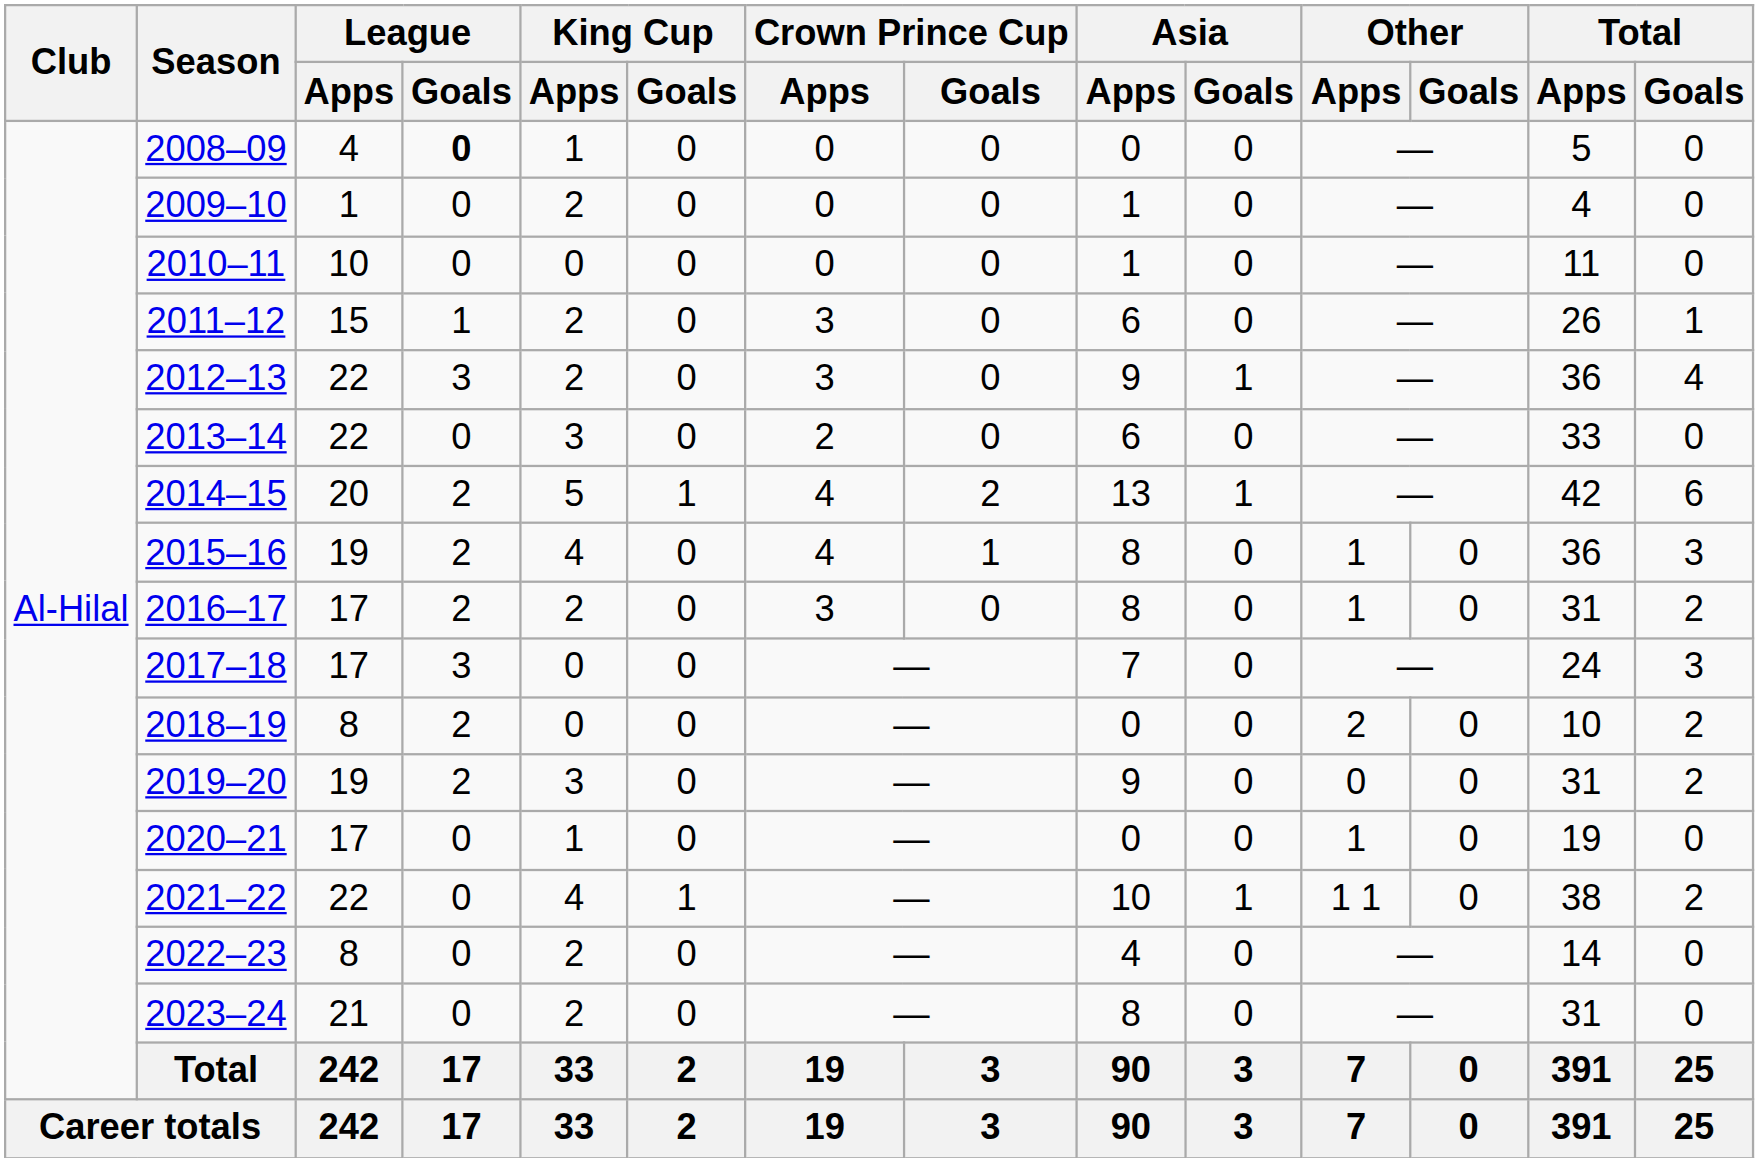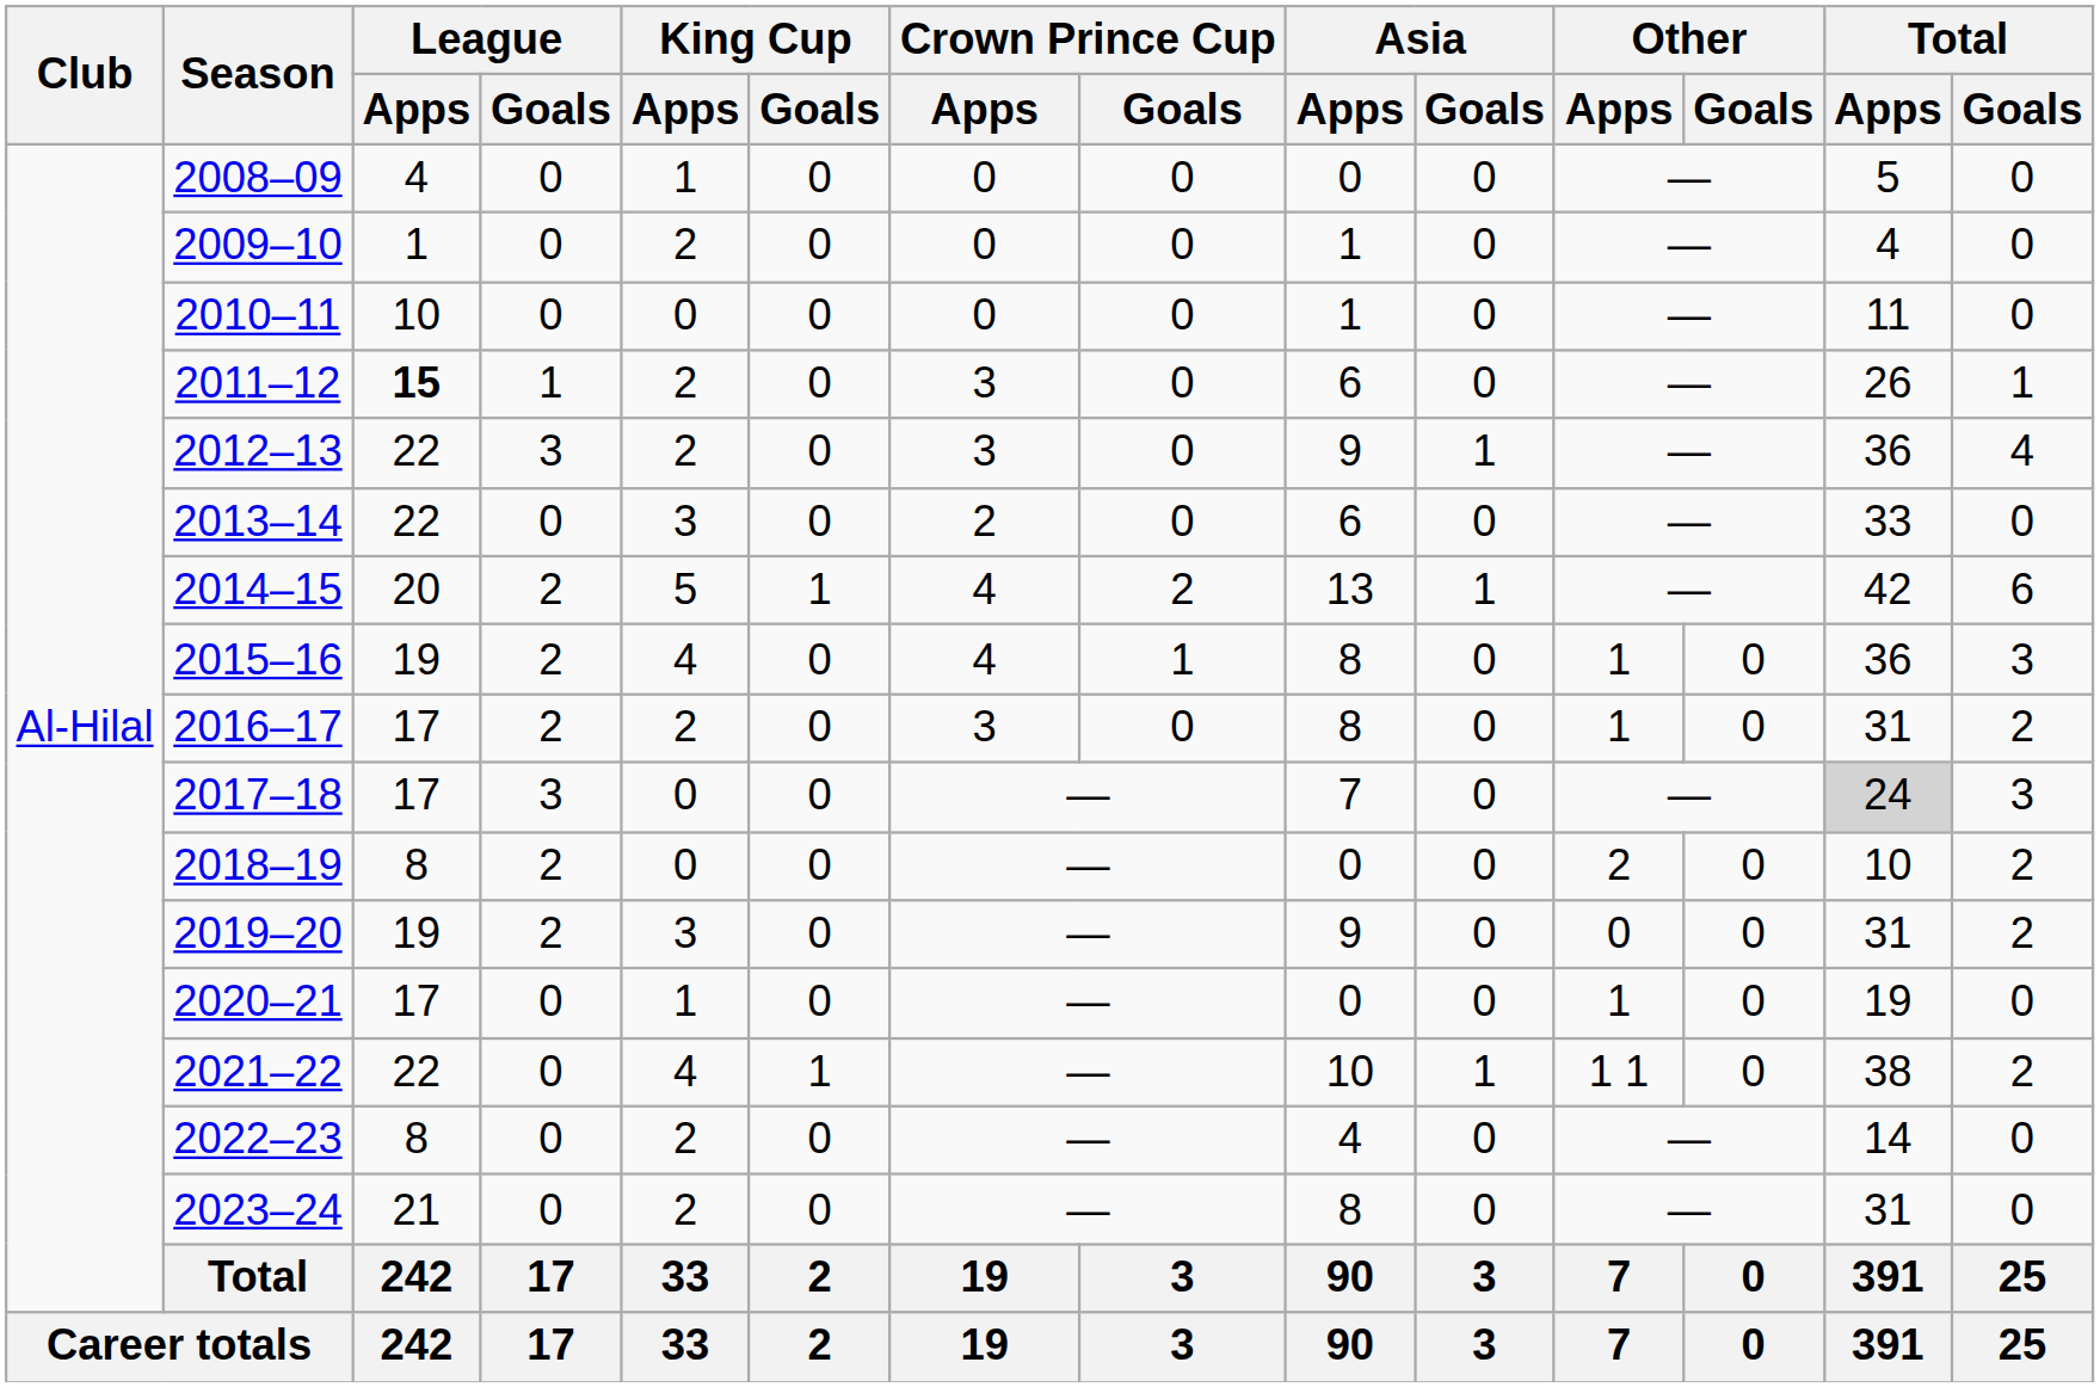 <table class="wikitable" style="text-align: center">
 <tr>
 <th rowspan=2>Club</th>
 <th rowspan=2>Season</th>
 <th colspan=2>League</th>
 <th colspan=2>King Cup</th>
 <th colspan=2>Crown Prince Cup</th>
 <th colspan=2>Asia</th>
 <th colspan=2>Other</th>
 <th colspan=2>Total</th>
 </tr>
 <tr>
 <th>Apps</th>
 <th>Goals</th>
 <th>Apps</th>
 <th>Goals</th>
 <th>Apps</th>
 <th>Goals</th>
 <th>Apps</th>
 <th>Goals</th>
 <th>Apps</th>
 <th>Goals</th>
 <th>Apps</th>
 <th>Goals</th>
 </tr>
 <tr>
 <td rowspan=17><a href='#'>Al-Hilal</a></td>
 <td><a href='#'>2008–09</a></td>
 <td>4</td>
-<td><strong>0</strong></td>
+<td>0</td>
 <td>1</td>
 <td>0</td>
 <td>0</td>
 <td>0</td>
 <td>0</td>
 <td>0</td>
 <td colspan=2>—</td>
 <td>5</td>
 <td>0</td>
 </tr>
 <tr>
 <td><a href='#'>2009–10</a></td>
 <td>1</td>
 <td>0</td>
 <td>2</td>
 <td>0</td>
 <td>0</td>
 <td>0</td>
 <td>1</td>
 <td>0</td>
 <td colspan=2>—</td>
 <td>4</td>
 <td>0</td>
 </tr>
 <tr>
 <td><a href='#'>2010–11</a></td>
 <td>10</td>
 <td>0</td>
 <td>0</td>
 <td>0</td>
 <td>0</td>
 <td>0</td>
 <td>1</td>
 <td>0</td>
 <td colspan=2>—</td>
 <td>11</td>
 <td>0</td>
 </tr>
 <tr>
 <td><a href='#'>2011–12</a></td>
-<td>15</td>
+<td><strong>15</strong></td>
 <td>1</td>
 <td>2</td>
 <td>0</td>
 <td>3</td>
 <td>0</td>
 <td>6</td>
 <td>0</td>
 <td colspan=2>—</td>
 <td>26</td>
 <td>1</td>
 </tr>
 <tr>
 <td><a href='#'>2012–13</a></td>
 <td>22</td>
 <td>3</td>
 <td>2</td>
 <td>0</td>
 <td>3</td>
 <td>0</td>
 <td>9</td>
 <td>1</td>
 <td colspan=2>—</td>
 <td>36</td>
 <td>4</td>
 </tr>
 <tr>
 <td><a href='#'>2013–14</a></td>
 <td>22</td>
 <td>0</td>
 <td>3</td>
 <td>0</td>
 <td>2</td>
 <td>0</td>
 <td>6</td>
 <td>0</td>
 <td colspan=2>—</td>
 <td>33</td>
 <td>0</td>
 </tr>
 <tr>
 <td><a href='#'>2014–15</a></td>
 <td>20</td>
 <td>2</td>
 <td>5</td>
 <td>1</td>
 <td>4</td>
 <td>2</td>
 <td>13</td>
 <td>1</td>
 <td colspan=2>—</td>
 <td>42</td>
 <td>6</td>
 </tr>
 <tr>
 <td><a href='#'>2015–16</a></td>
 <td>19</td>
 <td>2</td>
 <td>4</td>
 <td>0</td>
 <td>4</td>
 <td>1</td>
 <td>8</td>
 <td>0</td>
 <td>1</td>
 <td>0</td>
 <td>36</td>
 <td>3</td>
 </tr>
 <tr>
 <td><a href='#'>2016–17</a></td>
 <td>17</td>
 <td>2</td>
 <td>2</td>
 <td>0</td>
 <td>3</td>
 <td>0</td>
 <td>8</td>
 <td>0</td>
 <td>1</td>
 <td>0</td>
 <td>31</td>
 <td>2</td>
 </tr>
 <tr>
 <td><a href='#'>2017–18</a></td>
 <td>17</td>
 <td>3</td>
 <td>0</td>
 <td>0</td>
 <td colspan=2>—</td>
 <td>7</td>
 <td>0</td>
 <td colspan=2>—</td>
-<td>24</td>
+<td style="background: lightgrey;">24</td>
 <td>3</td>
 </tr>
 <tr>
 <td><a href='#'>2018–19</a></td>
 <td>8</td>
 <td>2</td>
 <td>0</td>
 <td>0</td>
 <td colspan=2>—</td>
 <td>0</td>
 <td>0</td>
 <td>2</td>
 <td>0</td>
 <td>10</td>
 <td>2</td>
 </tr>
 <tr>
 <td><a href='#'>2019–20</a></td>
 <td>19</td>
 <td>2</td>
 <td>3</td>
 <td>0</td>
 <td colspan=2>—</td>
 <td>9</td>
 <td>0</td>
 <td>0</td>
 <td>0</td>
 <td>31</td>
 <td>2</td>
 </tr>
 <tr>
 <td><a href='#'>2020–21</a></td>
 <td>17</td>
 <td>0</td>
 <td>1</td>
 <td>0</td>
 <td colspan=2>—</td>
 <td>0</td>
 <td>0</td>
 <td>1</td>
 <td>0</td>
 <td>19</td>
 <td>0</td>
 </tr>
 <tr>
 <td><a href='#'>2021–22</a></td>
 <td>22</td>
 <td>0</td>
 <td>4</td>
 <td>1</td>
 <td colspan=2>—</td>
 <td>10</td>
 <td>1</td>
 <td>1 1</td>
 <td>0</td>
 <td>38</td>
 <td>2</td>
 </tr>
 <tr>
 <td><a href='#'>2022–23</a></td>
 <td>8</td>
 <td>0</td>
 <td>2</td>
 <td>0</td>
 <td colspan=2>—</td>
 <td>4</td>
 <td>0</td>
 <td colspan=2>—</td>
 <td>14</td>
 <td>0</td>
 </tr>
 <tr>
 <td><a href='#'>2023–24</a></td>
 <td>21</td>
 <td>0</td>
 <td>2</td>
 <td>0</td>
 <td colspan=2>—</td>
 <td>8</td>
 <td>0</td>
 <td colspan=2>—</td>
 <td>31</td>
 <td>0</td>
 </tr>
 <tr>
 <th>Total</th>
 <th>242</th>
 <th>17</th>
 <th>33</th>
 <th>2</th>
 <th>19</th>
 <th>3</th>
 <th>90</th>
 <th>3</th>
 <th>7</th>
 <th>0</th>
 <th>391</th>
 <th>25</th>
 </tr>
 <tr>
 <th colspan=2>Career totals</th>
 <th>242</th>
 <th>17</th>
 <th>33</th>
 <th>2</th>
 <th>19</th>
 <th>3</th>
 <th>90</th>
 <th>3</th>
 <th>7</th>
 <th>0</th>
 <th>391</th>
 <th>25</th>
 </tr>
 </table>
